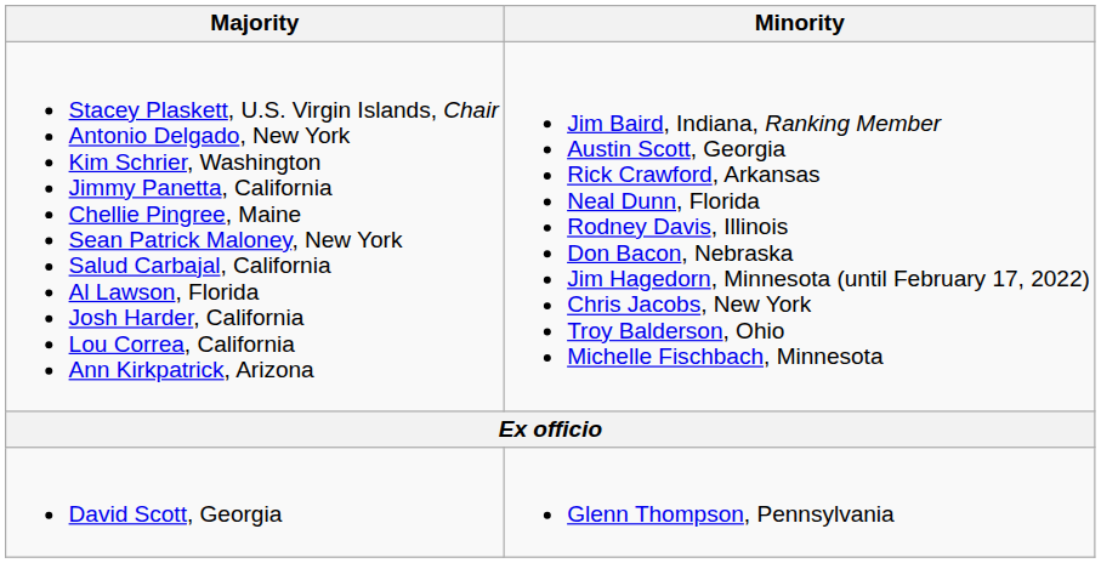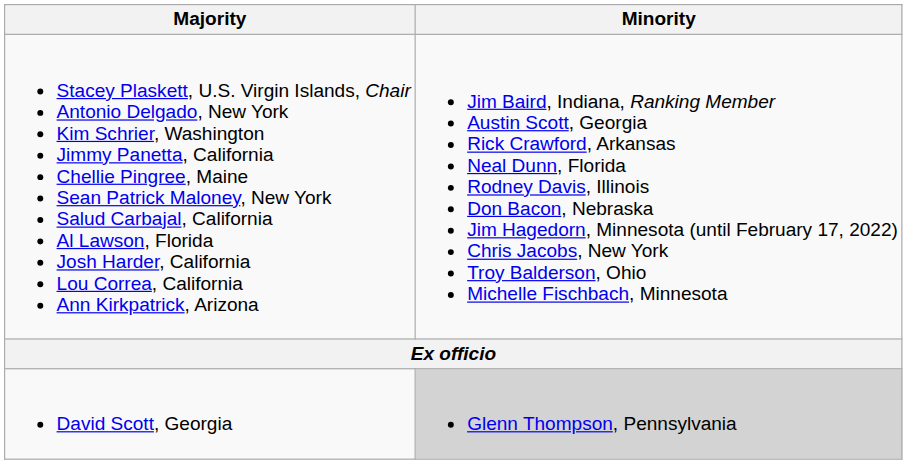 <table class=wikitable>
 <tr>
 <th>Majority</th>
 <th>Minority</th>
 </tr>
 <tr>
 <td><br><ul><li><a href='#'>Stacey Plaskett</a>, U.S. Virgin Islands, <em>Chair</em></li><li><a href='#'>Antonio Delgado</a>, New York</li><li><a href='#'>Kim Schrier</a>, Washington</li><li><a href='#'>Jimmy Panetta</a>, California</li><li><a href='#'>Chellie Pingree</a>, Maine</li><li><a href='#'>Sean Patrick Maloney</a>, New York</li><li><a href='#'>Salud Carbajal</a>, California</li><li><a href='#'>Al Lawson</a>, Florida</li><li><a href='#'>Josh Harder</a>, California</li><li><a href='#'>Lou Correa</a>, California</li><li><a href='#'>Ann Kirkpatrick</a>, Arizona</li></ul></td>
 <td><br><ul><li><a href='#'>Jim Baird</a>, Indiana, <em>Ranking Member</em></li><li><a href='#'>Austin Scott</a>, Georgia</li><li><a href='#'>Rick Crawford</a>, Arkansas</li><li><a href='#'>Neal Dunn</a>, Florida</li><li><a href='#'>Rodney Davis</a>, Illinois</li><li><a href='#'>Don Bacon</a>, Nebraska</li><li><a href='#'>Jim Hagedorn</a>, Minnesota (until February 17, 2022)</li><li><a href='#'>Chris Jacobs</a>, New York</li><li><a href='#'>Troy Balderson</a>, Ohio</li><li><a href='#'>Michelle Fischbach</a>, Minnesota</li></ul></td>
 </tr>
 <tr>
 <th colspan=2><em>Ex officio</em></th>
 </tr>
 <tr>
 <td><br><ul><li><a href='#'>David Scott</a>, Georgia</li></ul></td>
-<td><br><ul><li><a href='#'>Glenn Thompson</a>, Pennsylvania</li></ul></td>
+<td style="background: lightgrey;"><br><ul><li><a href='#'>Glenn Thompson</a>, Pennsylvania</li></ul></td>
 </tr>
 </table>
